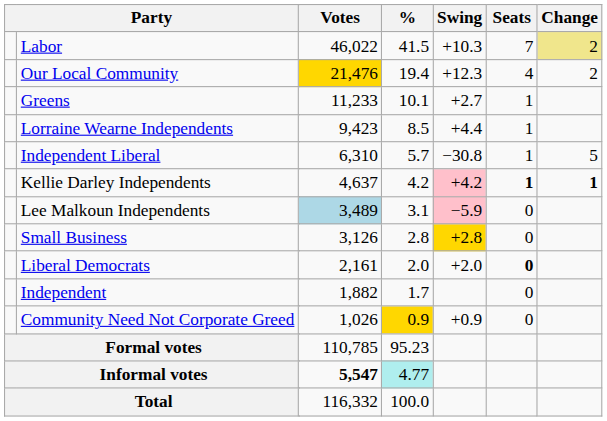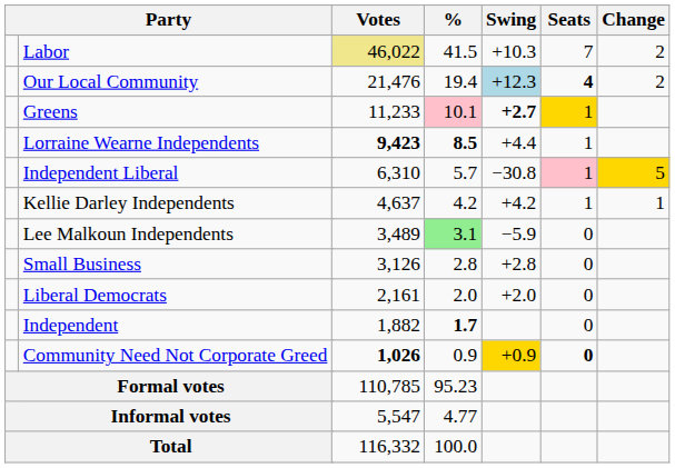 <table class="wikitable" style="text-align:right; margin-bottom:0">
 <tr>
 <th style="width:10px" colspan=3>Party</th>
 <th style="width:70px;">Votes</th>
 <th style="width:40px;">%</th>
 <th style="width:40px;">Swing</th>
 <th style="width:40px;">Seats</th>
 <th style="width:40px;">Change</th>
 </tr>
 <tr>
 <td> </td>
 <td style="text-align:left;" colspan="2"><a href='#'>Labor</a></td>
-<td>46,022</td>
+<td style="background: khaki;">46,022</td>
 <td>41.5</td>
 <td>+10.3</td>
 <td>7</td>
-<td style="background: khaki;"> 2</td>
+<td> 2</td>
 </tr>
 <tr>
 <td> </td>
 <td style="text-align:left;" colspan="2"><a href='#'>Our Local Community</a></td>
-<td style="background: gold;">21,476</td>
+<td>21,476</td>
 <td>19.4</td>
-<td>+12.3</td>
-<td>4</td>
+<td style="background: lightblue;">+12.3</td>
+<td><strong>4</strong></td>
 <td> 2</td>
 </tr>
 <tr>
 <td> </td>
 <td style="text-align:left;" colspan="2"><a href='#'>Greens</a></td>
 <td>11,233</td>
-<td>10.1</td>
-<td>+2.7</td>
-<td>1</td>
+<td style="background: pink;">10.1</td>
+<td><strong>+2.7</strong></td>
+<td style="background: gold;">1</td>
 <td></td>
 </tr>
 <tr>
 <td> </td>
 <td style="text-align:left;" colspan="2"><a href='#'>Lorraine Wearne Independents</a></td>
-<td>9,423</td>
-<td>8.5</td>
+<td><strong>9,423</strong></td>
+<td><strong>8.5</strong></td>
 <td>+4.4</td>
 <td>1</td>
 <td></td>
 </tr>
 <tr>
 <td> </td>
 <td style="text-align:left;" colspan="2"><a href='#'>Independent Liberal</a></td>
 <td>6,310</td>
 <td>5.7</td>
 <td>−30.8</td>
-<td>1</td>
-<td> 5</td>
+<td style="background: pink;">1</td>
+<td style="background: gold;"> 5</td>
 </tr>
 <tr>
 <td> </td>
 <td style="text-align:left;" colspan="2">Kellie Darley Independents</td>
 <td>4,637</td>
 <td>4.2</td>
-<td style="background: pink;">+4.2</td>
-<td><strong>1</strong></td>
-<td><strong> 1</strong></td>
+<td>+4.2</td>
+<td>1</td>
+<td> 1</td>
 </tr>
 <tr>
 <td> </td>
 <td style="text-align:left;" colspan="2">Lee Malkoun Independents</td>
-<td style="background: lightblue;">3,489</td>
-<td>3.1</td>
-<td style="background: pink;">−5.9</td>
+<td>3,489</td>
+<td style="background: lightgreen;">3.1</td>
+<td>−5.9</td>
 <td>0</td>
 <td></td>
 </tr>
 <tr>
 <td> </td>
 <td style="text-align:left;" colspan="2"><a href='#'>Small Business</a></td>
 <td>3,126</td>
 <td>2.8</td>
-<td style="background: gold;">+2.8</td>
+<td>+2.8</td>
 <td>0</td>
 <td></td>
 </tr>
 <tr>
 <td> </td>
 <td style="text-align:left;" colspan="2"><a href='#'>Liberal Democrats</a></td>
 <td>2,161</td>
 <td>2.0</td>
 <td>+2.0</td>
-<td><strong>0</strong></td>
+<td>0</td>
 <td></td>
 </tr>
 <tr>
 <td> </td>
 <td style="text-align:left;" colspan="2"><a href='#'>Independent</a></td>
 <td>1,882</td>
-<td>1.7</td>
+<td><strong>1.7</strong></td>
 <td></td>
 <td>0</td>
 <td></td>
 </tr>
 <tr>
 <td> </td>
 <td style="text-align:left;" colspan="2"><a href='#'>Community Need Not Corporate Greed</a></td>
-<td>1,026</td>
-<td style="background: gold;">0.9</td>
-<td>+0.9</td>
-<td>0</td>
+<td><strong>1,026</strong></td>
+<td>0.9</td>
+<td style="background: gold;">+0.9</td>
+<td><strong>0</strong></td>
 <td></td>
 </tr>
 <tr>
 <th colspan="3" rowspan="1"> Formal votes</th>
 <td>110,785</td>
 <td>95.23</td>
 <td></td>
 <td></td>
 <td></td>
 </tr>
 <tr>
 <th colspan="3" rowspan="1"> Informal votes</th>
-<td><strong>5,547</strong></td>
-<td style="background: paleturquoise;">4.77</td>
+<td>5,547</td>
+<td>4.77</td>
 <td></td>
 <td></td>
 <td></td>
 </tr>
 <tr>
 <th colspan="3" rowspan="1"> Total</th>
 <td>116,332</td>
 <td>100.0</td>
 <td></td>
 <td></td>
 <td></td>
 </tr>
 </table>
